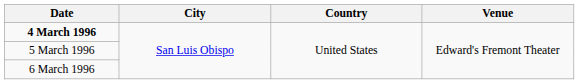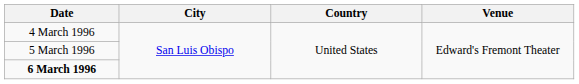 <table class="wikitable" style="text-align:center;">
 <tr>
 <th style="width:150px;">Date</th>
 <th style="width:200px;">City</th>
 <th style="width:200px;">Country</th>
 <th style="width:200px;">Venue</th>
 </tr>
 <tr>
-<td><strong>4 March 1996</strong></td>
+<td>4 March 1996</td>
 <td rowspan="3"><a href='#'>San Luis Obispo</a></td>
 <td rowspan="3">United States</td>
 <td rowspan="3">Edward's Fremont Theater</td>
 </tr>
 <tr>
 <td>5 March 1996</td>
 </tr>
 <tr>
-<td>6 March 1996</td>
+<td><strong>6 March 1996</strong></td>
 </tr>
 </table>
